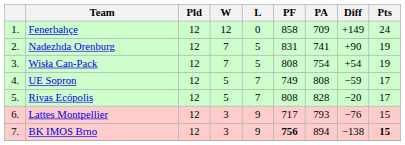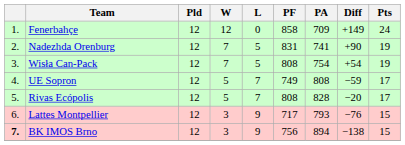 <table class="wikitable" style="text-align:center">
 <tr>
 <th width=25></th>
 <th width=220>Team</th>
 <th width=40>Pld</th>
 <th width=40>W</th>
 <th width=40>L</th>
 <th width=40>PF</th>
 <th width=40>PA</th>
 <th width=40>Diff</th>
 <th width=40>Pts</th>
 </tr>
 <tr style="background:#ccffcc;">
 <td>1.</td>
 <td align=left> <a href='#'>Fenerbahçe</a></td>
 <td>12</td>
 <td>12</td>
 <td>0</td>
 <td>858</td>
 <td>709</td>
 <td>+149</td>
 <td>24</td>
 </tr>
 <tr style="background:#ccffcc;">
 <td>2.</td>
 <td align=left> <a href='#'>Nadezhda Orenburg</a></td>
 <td>12</td>
 <td>7</td>
 <td>5</td>
 <td>831</td>
 <td>741</td>
 <td>+90</td>
 <td>19</td>
 </tr>
 <tr style="background:#ccffcc;">
 <td>3.</td>
 <td align=left> <a href='#'>Wisła Can-Pack</a></td>
 <td>12</td>
 <td>7</td>
 <td>5</td>
 <td>808</td>
 <td>754</td>
 <td>+54</td>
 <td>19</td>
 </tr>
 <tr style="background:#ccffcc;">
 <td>4.</td>
 <td align=left> <a href='#'>UE Sopron</a></td>
 <td>12</td>
 <td>5</td>
 <td>7</td>
 <td>749</td>
 <td>808</td>
 <td>−59</td>
 <td>17</td>
 </tr>
 <tr style="background:#ccffcc;">
 <td>5.</td>
 <td align=left> <a href='#'>Rivas Ecópolis</a></td>
 <td>12</td>
 <td>5</td>
 <td>7</td>
 <td>808</td>
 <td>828</td>
 <td>−20</td>
 <td>17</td>
 </tr>
 <tr style="background:#ffcccc;">
 <td>6.</td>
 <td align=left> <a href='#'>Lattes Montpellier</a></td>
 <td>12</td>
 <td>3</td>
 <td>9</td>
 <td>717</td>
 <td>793</td>
 <td>−76</td>
 <td>15</td>
 </tr>
 <tr style="background:#ffcccc;">
-<td>7.</td>
+<td><strong>7.</strong></td>
 <td align=left> <a href='#'>BK IMOS Brno</a></td>
 <td>12</td>
 <td>3</td>
 <td>9</td>
-<td><strong>756</strong></td>
+<td>756</td>
 <td>894</td>
 <td>−138</td>
-<td><strong>15</strong></td>
+<td>15</td>
 </tr>
 <tr>
 </tr>
 </table>
